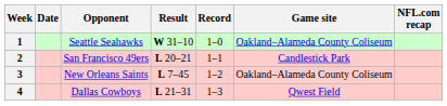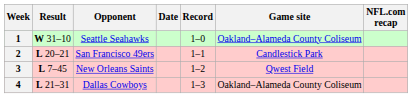 <table class="wikitable" style="text-align:center">
 <tr>
 <th>Week</th>
+<th>Result</th>
+<th>Opponent</th>
 <th>Date</th>
-<th>Opponent</th>
-<th>Result</th>
 <th>Record</th>
 <th>Game site</th>
 <th>NFL.com<br>recap</th>
 </tr>
 <tr style="text-align:center; background:#cfc;">
 <th>1</th>
+<td><strong>W</strong> 31–10</td>
+<td><a href='#'>Seattle Seahawks</a></td>
 <td></td>
-<td><a href='#'>Seattle Seahawks</a></td>
-<td><strong>W</strong> 31–10</td>
 <td>1–0</td>
 <td><a href='#'>Oakland–Alameda County Coliseum</a></td>
 <td style="text-align:center;"></td>
 </tr>
 <tr style="text-align:center; background:#fcc;">
 <th>2</th>
+<td><strong>L</strong> 20–21</td>
+<td><a href='#'>San Francisco 49ers</a></td>
 <td></td>
-<td><a href='#'>San Francisco 49ers</a></td>
-<td><strong>L</strong> 20–21</td>
 <td>1–1</td>
 <td><a href='#'>Candlestick Park</a></td>
 <td style="text-align:center;"></td>
 </tr>
 <tr style="text-align:center; background:#fcc;">
 <th>3</th>
+<td><strong>L</strong> 7–45</td>
+<td><a href='#'>New Orleans Saints</a></td>
 <td></td>
-<td><a href='#'>New Orleans Saints</a></td>
-<td><strong>L</strong> 7–45</td>
 <td>1–2</td>
-<td>Oakland–Alameda County Coliseum</td>
+<td><a href='#'>Qwest Field</a></td>
 <td style="text-align:center;"></td>
 </tr>
 <tr style="text-align:center; background:#fcc;">
 <th>4</th>
+<td><strong>L</strong> 21–31</td>
+<td><a href='#'>Dallas Cowboys</a></td>
 <td></td>
-<td><a href='#'>Dallas Cowboys</a></td>
-<td><strong>L</strong> 21–31</td>
 <td>1–3</td>
-<td><a href='#'>Qwest Field</a></td>
+<td>Oakland–Alameda County Coliseum</td>
 <td style="text-align:center;"></td>
 </tr>
 </table>
